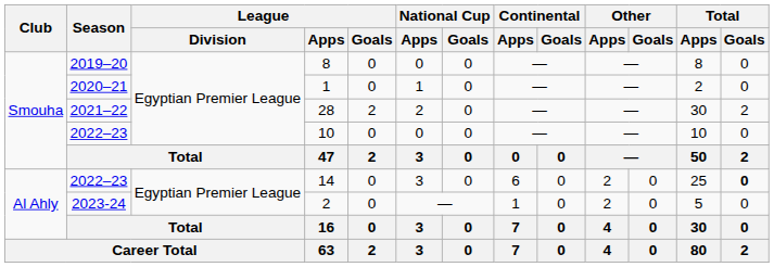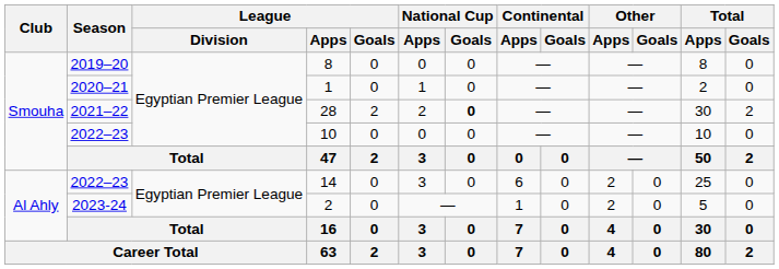 <table class=wikitable style=text-align:center>
 <tr>
 <th rowspan=2>Club</th>
 <th rowspan=2>Season</th>
 <th colspan=3>League</th>
 <th colspan=2>National Cup</th>
 <th colspan=2>Continental</th>
 <th colspan=2>Other</th>
 <th colspan=2>Total</th>
 </tr>
 <tr>
 <th>Division</th>
 <th>Apps</th>
 <th>Goals</th>
 <th>Apps</th>
 <th>Goals</th>
 <th>Apps</th>
 <th>Goals</th>
 <th>Apps</th>
 <th>Goals</th>
 <th>Apps</th>
 <th>Goals</th>
 </tr>
 <tr>
 <td rowspan="5"><a href='#'>Smouha</a></td>
 <td><a href='#'>2019–20</a></td>
 <td rowspan="4">Egyptian Premier League</td>
 <td>8</td>
 <td>0</td>
 <td>0</td>
 <td>0</td>
 <td colspan="2">—</td>
 <td colspan="2">—</td>
 <td>8</td>
 <td>0</td>
 </tr>
 <tr>
 <td><a href='#'>2020–21</a></td>
 <td>1</td>
 <td>0</td>
 <td>1</td>
 <td>0</td>
 <td colspan="2">—</td>
 <td colspan="2">—</td>
 <td>2</td>
 <td>0</td>
 </tr>
 <tr>
 <td><a href='#'>2021–22</a></td>
 <td>28</td>
 <td>2</td>
 <td>2</td>
-<td>0</td>
+<td><strong>0</strong></td>
 <td colspan="2">—</td>
 <td colspan="2">—</td>
 <td>30</td>
 <td>2</td>
 </tr>
 <tr>
 <td><a href='#'>2022–23</a></td>
 <td>10</td>
 <td>0</td>
 <td>0</td>
 <td>0</td>
 <td colspan="2">—</td>
 <td colspan="2">—</td>
 <td>10</td>
 <td>0</td>
 </tr>
 <tr>
 <th colspan="2">Total</th>
 <th>47</th>
 <th>2</th>
 <th>3</th>
 <th>0</th>
 <th>0</th>
 <th>0</th>
 <th colspan="2">—</th>
 <th>50</th>
 <th>2</th>
 </tr>
 <tr>
 <td rowspan="3"><a href='#'>Al Ahly</a></td>
 <td><a href='#'>2022–23</a></td>
 <td rowspan="2">Egyptian Premier League</td>
 <td>14</td>
 <td>0</td>
 <td>3</td>
 <td>0</td>
 <td>6</td>
 <td>0</td>
 <td>2</td>
 <td>0</td>
 <td>25</td>
-<td><strong>0</strong></td>
+<td>0</td>
 </tr>
 <tr>
 <td><a href='#'>2023-24</a></td>
 <td>2</td>
 <td>0</td>
 <td colspan="2">—</td>
 <td>1</td>
 <td>0</td>
 <td>2</td>
 <td>0</td>
 <td>5</td>
 <td>0</td>
 </tr>
 <tr>
 <th colspan="2">Total</th>
 <th>16</th>
 <th>0</th>
 <th>3</th>
 <th>0</th>
 <th>7</th>
 <th>0</th>
 <th>4</th>
 <th>0</th>
 <th>30</th>
 <th>0</th>
 </tr>
 <tr>
 <th colspan="3">Career Total</th>
 <th>63</th>
 <th>2</th>
 <th>3</th>
 <th>0</th>
 <th>7</th>
 <th>0</th>
 <th>4</th>
 <th>0</th>
 <th>80</th>
 <th>2</th>
 </tr>
 </table>
